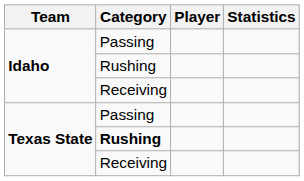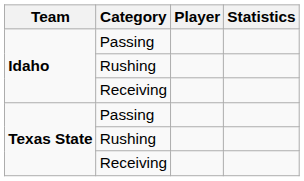 <table class="wikitable" style="float: right;">
 <tr>
 <th>Team</th>
 <th>Category</th>
 <th>Player</th>
 <th>Statistics</th>
 </tr>
 <tr>
 <td rowspan=3><strong>Idaho</strong></td>
 <td>Passing</td>
 <td></td>
 <td></td>
 </tr>
 <tr>
 <td>Rushing</td>
 <td></td>
 <td></td>
 </tr>
 <tr>
 <td>Receiving</td>
 <td></td>
 <td></td>
 </tr>
 <tr>
 <td rowspan=3><strong>Texas State</strong></td>
 <td>Passing</td>
 <td></td>
 <td></td>
 </tr>
 <tr>
-<td><strong>Rushing</strong></td>
+<td>Rushing</td>
 <td></td>
 <td></td>
 </tr>
 <tr>
 <td>Receiving</td>
 <td></td>
 <td></td>
 </tr>
 </table>
